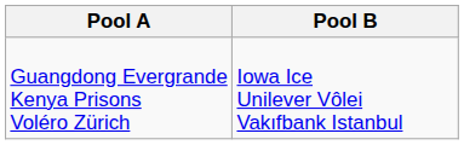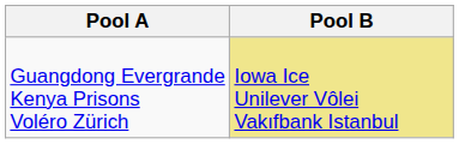 <table class="wikitable">
 <tr>
 <th width=50%>Pool A</th>
 <th width=50%>Pool B</th>
 </tr>
 <tr>
 <td><br> <a href='#'>Guangdong Evergrande</a><br>  <a href='#'>Kenya Prisons</a><br>  <a href='#'>Voléro Zürich</a></td>
-<td><br> <a href='#'>Iowa Ice</a><br>  <a href='#'>Unilever Vôlei</a><br>  <a href='#'>Vakıfbank Istanbul</a></td>
+<td style="background: khaki;"><br> <a href='#'>Iowa Ice</a><br>  <a href='#'>Unilever Vôlei</a><br>  <a href='#'>Vakıfbank Istanbul</a></td>
 </tr>
 </table>
